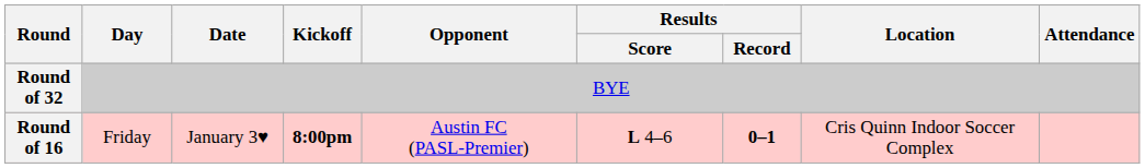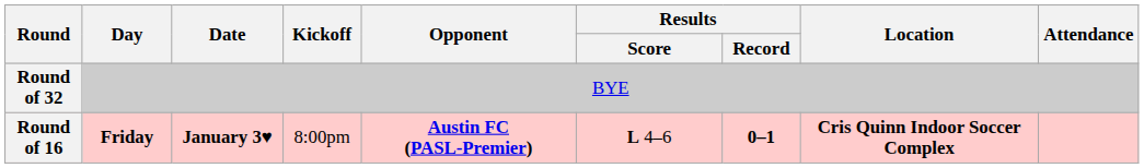 <table class="wikitable">
 <tr>
 <th rowspan="2" width="60">Round</th>
 <th rowspan="2" width="70">Day</th>
 <th rowspan="2" width="90">Date</th>
 <th rowspan="2" width="60">Kickoff</th>
 <th rowspan="2" width="180">Opponent</th>
 <th colspan="2" width="180">Results</th>
 <th rowspan="2" width="200">Location</th>
 <th rowspan="2" width="80">Attendance</th>
 </tr>
 <tr>
 <th width="120">Score</th>
 <th width="60">Record</th>
 </tr>
 <tr align="center" bgcolor="#CCCCCC">
 <th>Round of 32</th>
 <td colSpan=8><a href='#'>BYE</a></td>
 </tr>
 <tr align="center" bgcolor="#FFCCCC">
 <th>Round of 16</th>
-<td>Friday</td>
-<td>January 3♥</td>
-<td><strong>8:00pm</strong></td>
-<td><a href='#'>Austin FC</a><br>(<a href='#'>PASL-Premier</a>)</td>
+<td><strong>Friday</strong></td>
+<td><strong>January 3♥</strong></td>
+<td>8:00pm</td>
+<td><strong><a href='#'>Austin FC</a><br>(<a href='#'>PASL-Premier</a>)</strong></td>
 <td><strong>L</strong> 4–6</td>
 <td><strong>0–1</strong></td>
-<td>Cris Quinn Indoor Soccer Complex</td>
+<td><strong>Cris Quinn Indoor Soccer Complex</strong></td>
 <td></td>
 </tr>
 </table>
